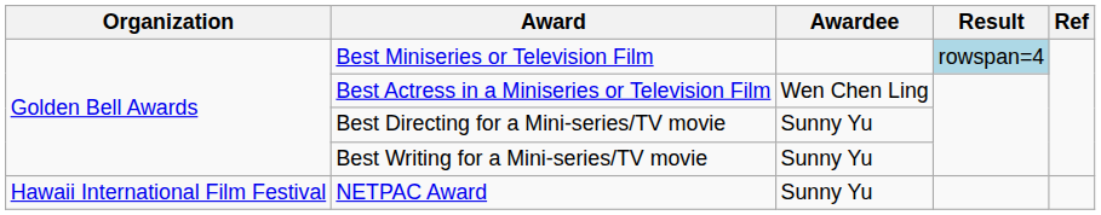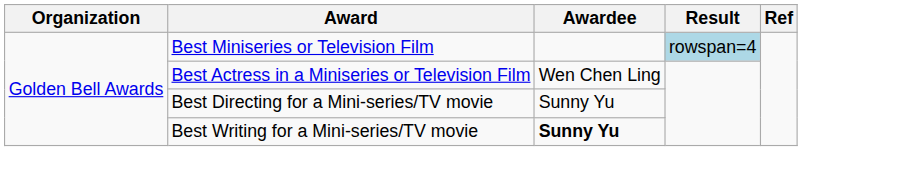 <table class="wikitable">
 <tr>
 <th>Organization</th>
 <th>Award</th>
 <th>Awardee</th>
 <th>Result</th>
 <th>Ref</th>
 </tr>
 <tr>
 <td rowspan=4><a href='#'>Golden Bell Awards</a></td>
 <td><a href='#'>Best Miniseries or Television Film</a></td>
 <td></td>
 <td style="background: lightblue;">rowspan=4 </td>
 <td rowspan=4></td>
 </tr>
 <tr>
 <td><a href='#'>Best Actress in a Miniseries or Television Film</a></td>
 <td>Wen Chen Ling</td>
 </tr>
 <tr>
 <td>Best Directing for a Mini-series/TV movie</td>
 <td>Sunny Yu</td>
 </tr>
 <tr>
 <td>Best Writing for a Mini-series/TV movie</td>
-<td>Sunny Yu</td>
-</tr>
-<tr>
-<td><a href='#'>Hawaii International Film Festival</a></td>
-<td><a href='#'>NETPAC Award</a></td>
-<td>Sunny Yu</td>
-<td></td>
-<td></td>
+<td><strong>Sunny Yu</strong></td>
 </tr>
 </table>
